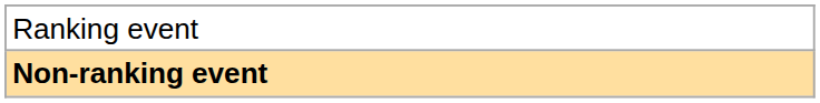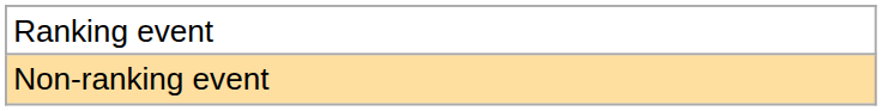 <table class="wikitable" style="font-size:85%;" width=30%>
 <tr bgcolor="#ffffff">
 <td>Ranking event</td>
 </tr>
 <tr style="background:#ffdf9f;">
-<td><strong>Non-ranking event</strong></td>
+<td>Non-ranking event</td>
 </tr>
 </table>
